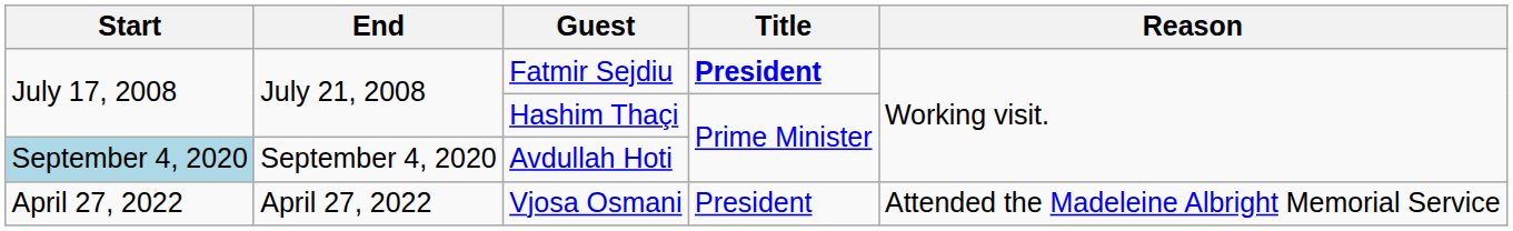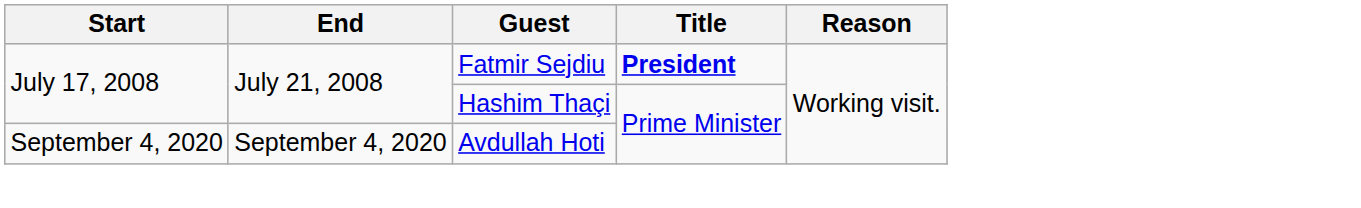 <table class="wikitable sortable">
 <tr>
 <th>Start</th>
 <th>End</th>
 <th>Guest</th>
 <th>Title</th>
 <th>Reason</th>
 </tr>
 <tr>
 <td rowspan=2>July 17, 2008</td>
 <td rowspan=2>July 21, 2008</td>
 <td><a href='#'>Fatmir Sejdiu</a></td>
 <td><strong><a href='#'>President</a></strong></td>
 <td rowspan=3>Working visit.</td>
 </tr>
 <tr>
 <td><a href='#'>Hashim Thaçi</a></td>
 <td rowspan=2><a href='#'>Prime Minister</a></td>
 </tr>
 <tr>
-<td style="background: lightblue;">September 4, 2020</td>
+<td>September 4, 2020</td>
 <td>September 4, 2020</td>
 <td><a href='#'>Avdullah Hoti</a></td>
 </tr>
-<tr>
-<td>April 27, 2022</td>
-<td>April 27, 2022</td>
-<td><a href='#'>Vjosa Osmani</a></td>
-<td><a href='#'>President</a></td>
-<td>Attended the <a href='#'>Madeleine Albright</a> Memorial Service</td>
-</tr>
 </table>
